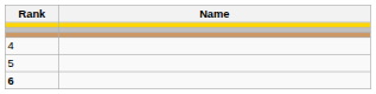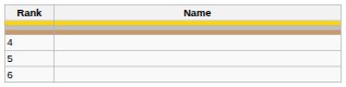 <table class=wikitable style="font-size:95%" width="40%">
 <tr>
 <th width=20>Rank </th>
 <th width=250>Name</th>
 </tr>
 <tr bgcolor=gold>
 <td></td>
 <td></td>
 </tr>
 <tr bgcolor=silver>
 <td></td>
 <td></td>
 </tr>
 <tr bgcolor=cc9966>
 <td></td>
 <td></td>
 </tr>
 <tr>
 <td>4</td>
 <td></td>
 </tr>
 <tr>
 <td>5</td>
 <td></td>
 </tr>
 <tr>
-<td><strong>6</strong></td>
+<td>6</td>
 <td></td>
 </tr>
 </table>
